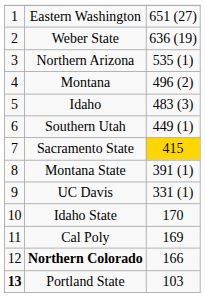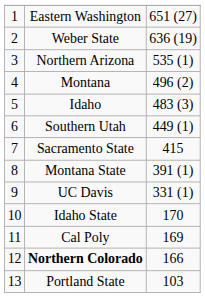 <table class="wikitable" style="display: inline-table;">
 <tr align="center">
 </tr>
 <tr align="center">
 <td>1</td>
 <td>Eastern Washington</td>
 <td>651 (27)</td>
 </tr>
 <tr align="center">
 <td>2</td>
 <td>Weber State</td>
 <td>636 (19)</td>
 </tr>
 <tr align="center">
 <td>3</td>
 <td>Northern Arizona</td>
 <td>535 (1)</td>
 </tr>
 <tr align="center">
 <td>4</td>
 <td>Montana</td>
 <td>496 (2)</td>
 </tr>
 <tr align="center">
 <td>5</td>
 <td>Idaho</td>
 <td>483 (3)</td>
 </tr>
 <tr align="center">
 <td>6</td>
 <td>Southern Utah</td>
 <td>449 (1)</td>
 </tr>
 <tr align="center">
 <td>7</td>
 <td>Sacramento State</td>
-<td style="background: gold;">415</td>
+<td>415</td>
 </tr>
 <tr align="center">
 <td>8</td>
 <td>Montana State</td>
 <td>391 (1)</td>
 </tr>
 <tr align="center">
 <td>9</td>
 <td>UC Davis</td>
 <td>331 (1)</td>
 </tr>
 <tr align="center">
 <td>10</td>
 <td>Idaho State</td>
 <td>170</td>
 </tr>
 <tr align="center">
 <td>11</td>
 <td>Cal Poly</td>
 <td>169</td>
 </tr>
 <tr align="center">
 <td>12</td>
 <td><strong>Northern Colorado</strong></td>
 <td>166</td>
 </tr>
 <tr align="center">
-<td><strong>13</strong></td>
+<td>13</td>
 <td>Portland State</td>
 <td>103</td>
 </tr>
 </table>
